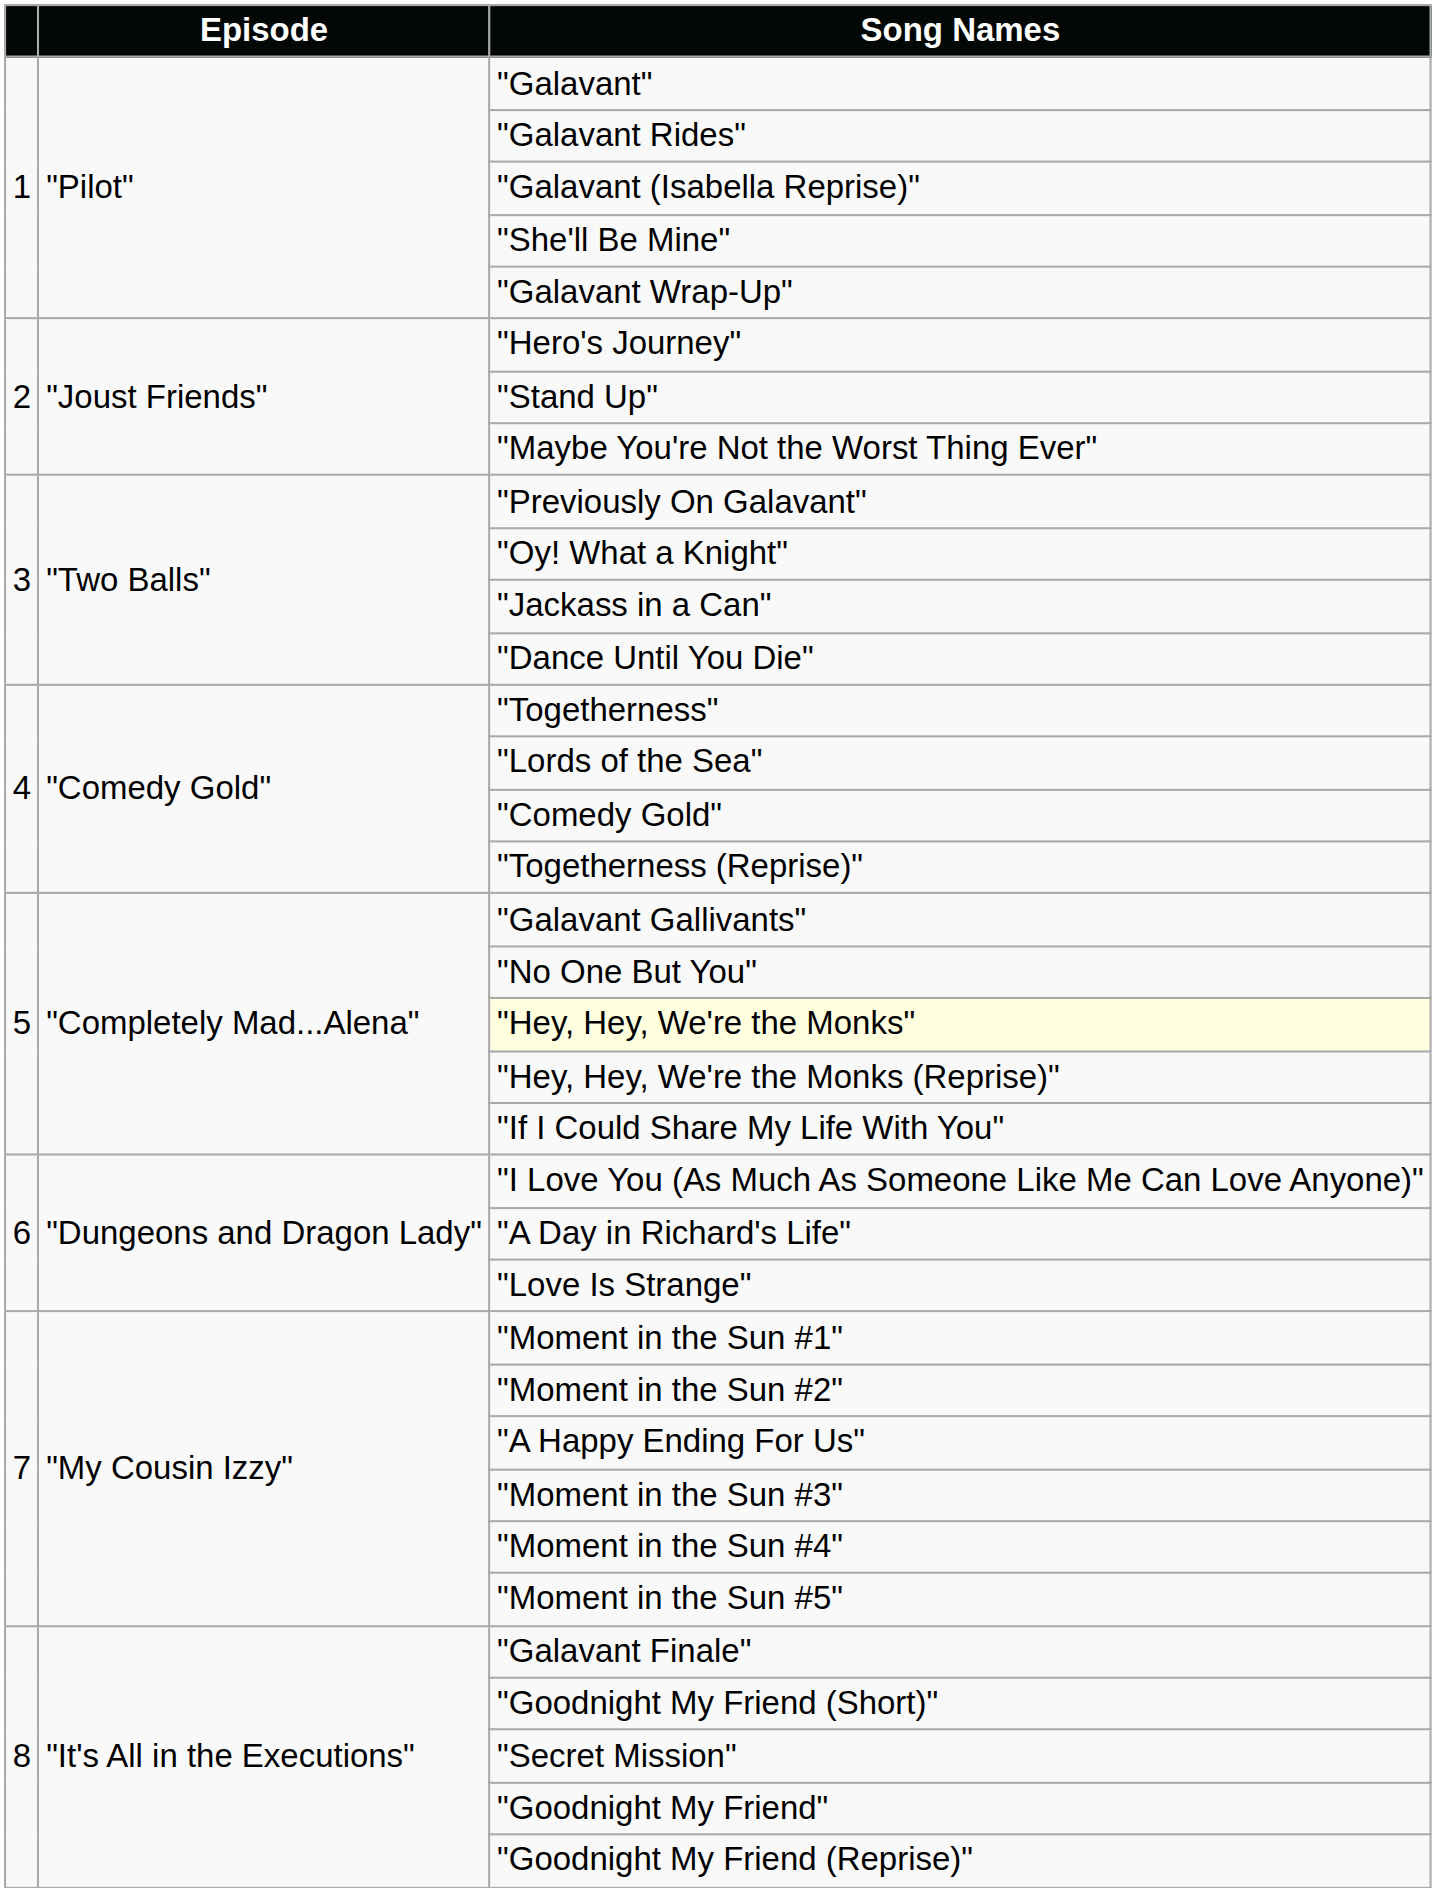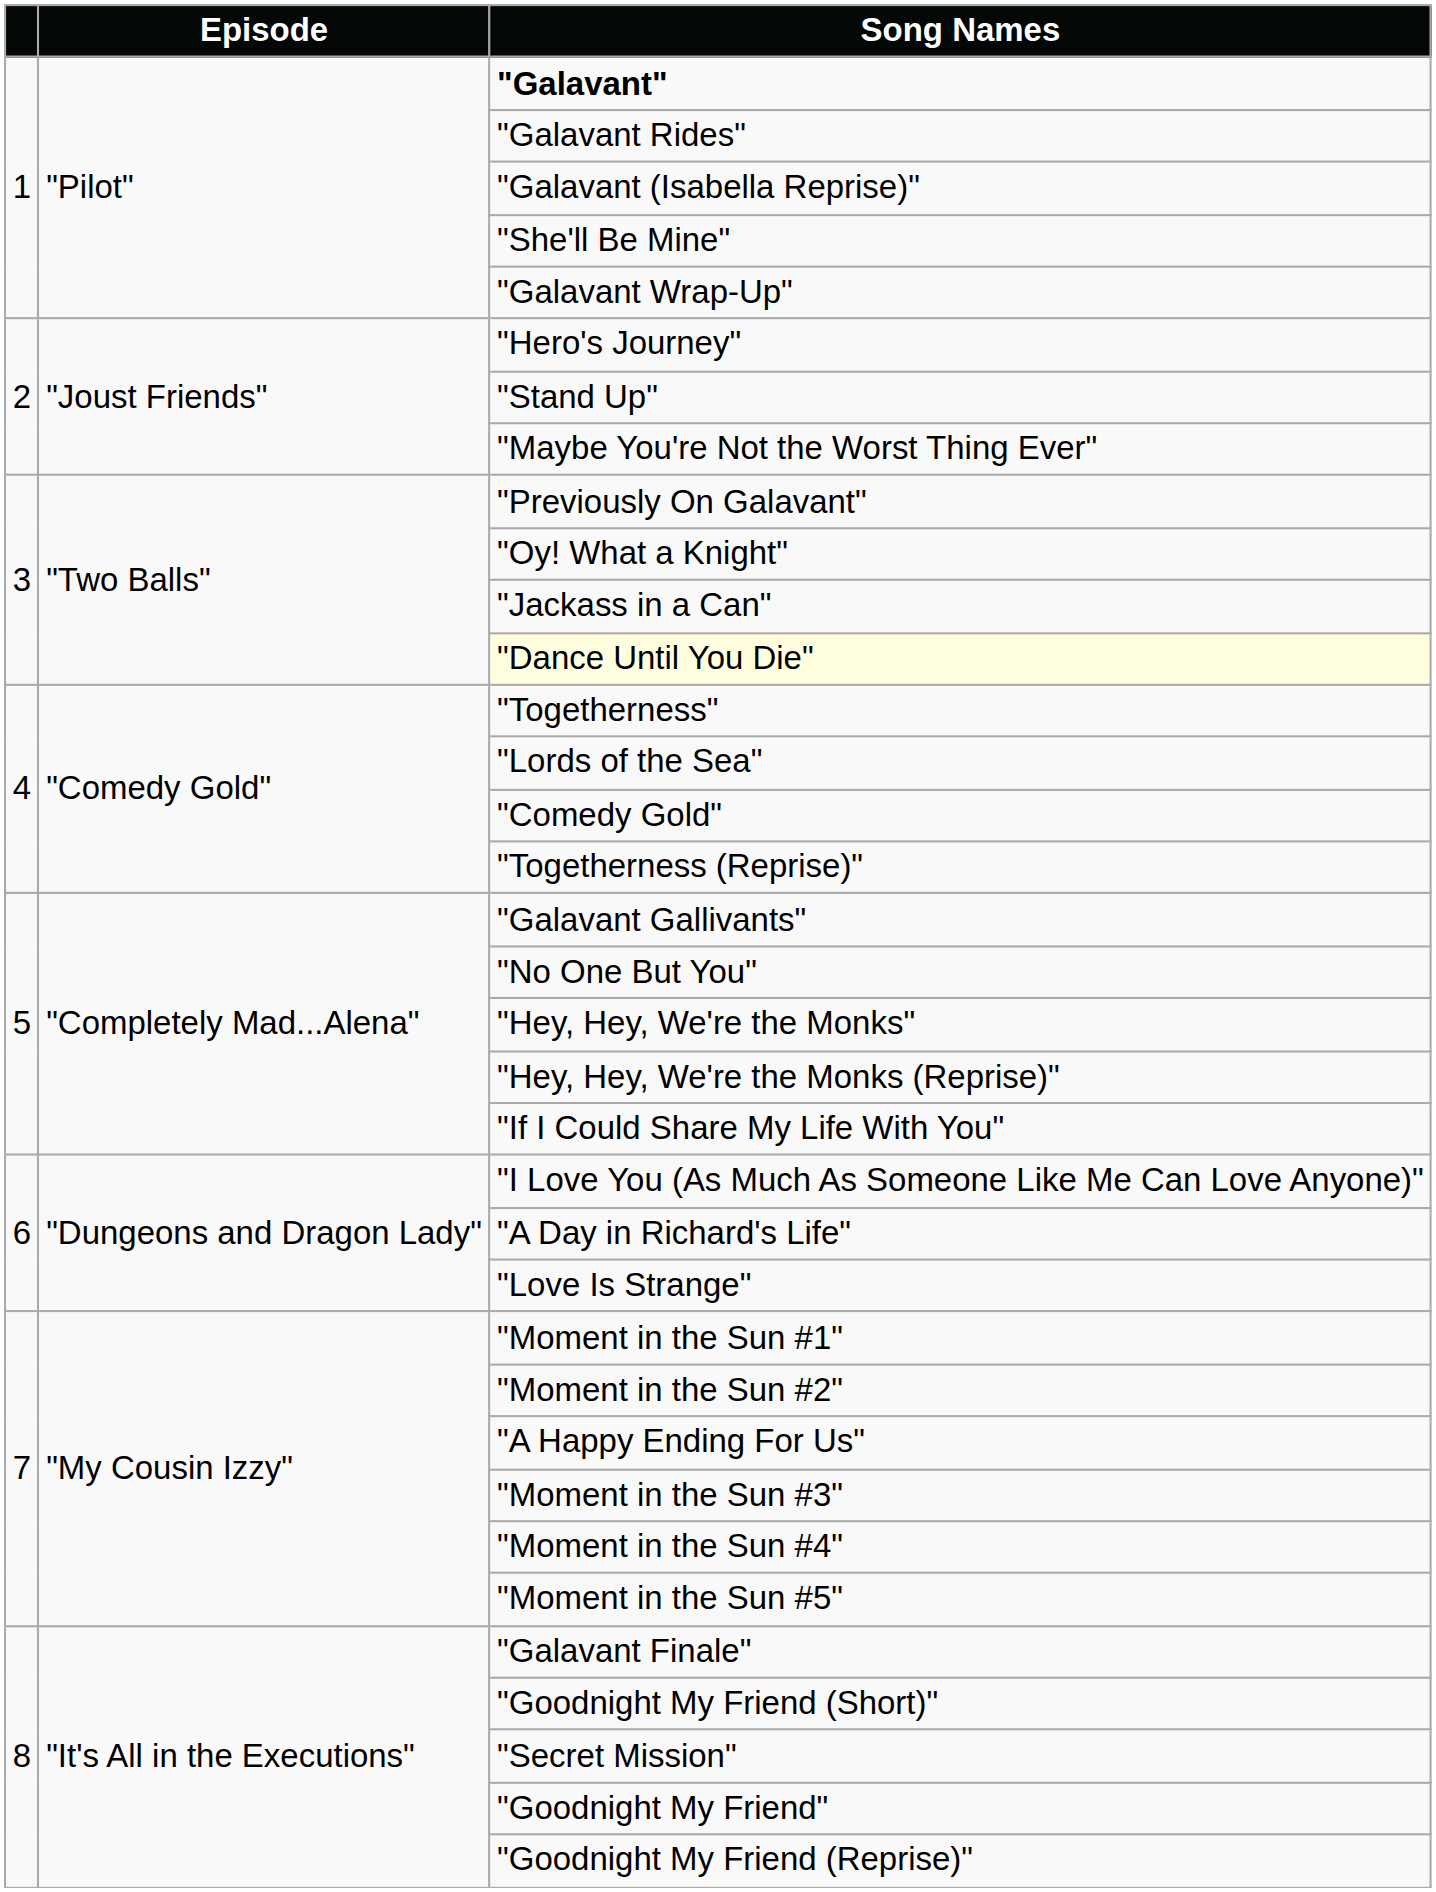 <table class="wikitable plainrowheaders collapsible collapsed">
 <tr style="color:white;">
 <th style="background:#030706; color:#fff;"></th>
 <th style="background:#030706; color:#fff;">Episode</th>
 <th style="background:#030706; color:#fff;">Song Names</th>
 </tr>
 <tr>
 <td rowspan="5">1</td>
 <td rowspan="5">"Pilot"</td>
-<td>"Galavant"</td>
+<td><strong>"Galavant"</strong></td>
 </tr>
 <tr>
 <td>"Galavant Rides"</td>
 </tr>
 <tr>
 <td>"Galavant (Isabella Reprise)"</td>
 </tr>
 <tr>
 <td>"She'll Be Mine"</td>
 </tr>
 <tr>
 <td>"Galavant Wrap-Up"</td>
 </tr>
 <tr>
 <td rowspan="3">2</td>
 <td rowspan="3">"Joust Friends"</td>
 <td>"Hero's Journey"</td>
 </tr>
 <tr>
 <td>"Stand Up"</td>
 </tr>
 <tr>
 <td>"Maybe You're Not the Worst Thing Ever"</td>
 </tr>
 <tr>
 <td rowspan="4">3</td>
 <td rowspan="4">"Two Balls"</td>
 <td>"Previously On Galavant"</td>
 </tr>
 <tr>
 <td>"Oy! What a Knight"</td>
 </tr>
 <tr>
 <td>"Jackass in a Can"</td>
 </tr>
 <tr>
-<td>"Dance Until You Die"</td>
+<td style="background: lightyellow;">"Dance Until You Die"</td>
 </tr>
 <tr>
 <td rowspan="4">4</td>
 <td rowspan="4">"Comedy Gold"</td>
 <td>"Togetherness"</td>
 </tr>
 <tr>
 <td>"Lords of the Sea"</td>
 </tr>
 <tr>
 <td>"Comedy Gold"</td>
 </tr>
 <tr>
 <td>"Togetherness (Reprise)"</td>
 </tr>
 <tr>
 <td rowspan="5">5</td>
 <td rowspan="5">"Completely Mad...Alena"</td>
 <td>"Galavant Gallivants"</td>
 </tr>
 <tr>
 <td>"No One But You"</td>
 </tr>
 <tr>
-<td style="background: lightyellow;">"Hey, Hey, We're the Monks"</td>
+<td>"Hey, Hey, We're the Monks"</td>
 </tr>
 <tr>
 <td>"Hey, Hey, We're the Monks (Reprise)"</td>
 </tr>
 <tr>
 <td>"If I Could Share My Life With You"</td>
 </tr>
 <tr>
 <td rowspan="3">6</td>
 <td rowspan="3">"Dungeons and Dragon Lady"</td>
 <td>"I Love You (As Much As Someone Like Me Can Love Anyone)"</td>
 </tr>
 <tr>
 <td>"A Day in Richard's Life"</td>
 </tr>
 <tr>
 <td>"Love Is Strange"</td>
 </tr>
 <tr>
 <td rowspan="6">7</td>
 <td rowspan="6">"My Cousin Izzy"</td>
 <td>"Moment in the Sun #1"</td>
 </tr>
 <tr>
 <td>"Moment in the Sun #2"</td>
 </tr>
 <tr>
 <td>"A Happy Ending For Us"</td>
 </tr>
 <tr>
 <td>"Moment in the Sun #3"</td>
 </tr>
 <tr>
 <td>"Moment in the Sun #4"</td>
 </tr>
 <tr>
 <td>"Moment in the Sun #5"</td>
 </tr>
 <tr>
 <td rowspan="5">8</td>
 <td rowspan="5">"It's All in the Executions"</td>
 <td>"Galavant Finale"</td>
 </tr>
 <tr>
 <td>"Goodnight My Friend (Short)"</td>
 </tr>
 <tr>
 <td>"Secret Mission"</td>
 </tr>
 <tr>
 <td>"Goodnight My Friend"</td>
 </tr>
 <tr>
 <td>"Goodnight My Friend (Reprise)"</td>
 </tr>
 </table>
